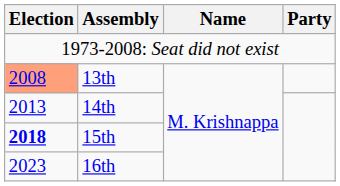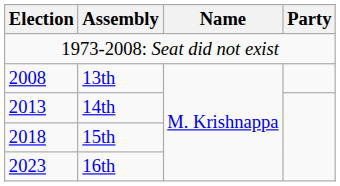 <table class="wikitable sortable">
 <tr>
 <th>Election</th>
 <th>Assembly</th>
 <th>Name</th>
 <th colspan=2>Party</th>
 </tr>
 <tr style="text-align:center">
 <td colspan="5">1973-2008: <em>Seat did not exist</em></td>
 </tr>
 <tr>
-<td style="background: lightsalmon;"><a href='#'>2008</a></td>
+<td><a href='#'>2008</a></td>
 <td><a href='#'>13th</a></td>
 <td rowspan="4"><a href='#'>M. Krishnappa</a></td>
 <td></td>
 </tr>
 <tr>
 <td><a href='#'>2013</a></td>
 <td><a href='#'>14th</a></td>
 </tr>
 <tr>
-<td><strong><a href='#'>2018</a></strong></td>
+<td><a href='#'>2018</a></td>
 <td><a href='#'>15th</a></td>
 </tr>
 <tr>
 <td><a href='#'>2023</a></td>
 <td><a href='#'>16th</a></td>
 </tr>
 </table>
